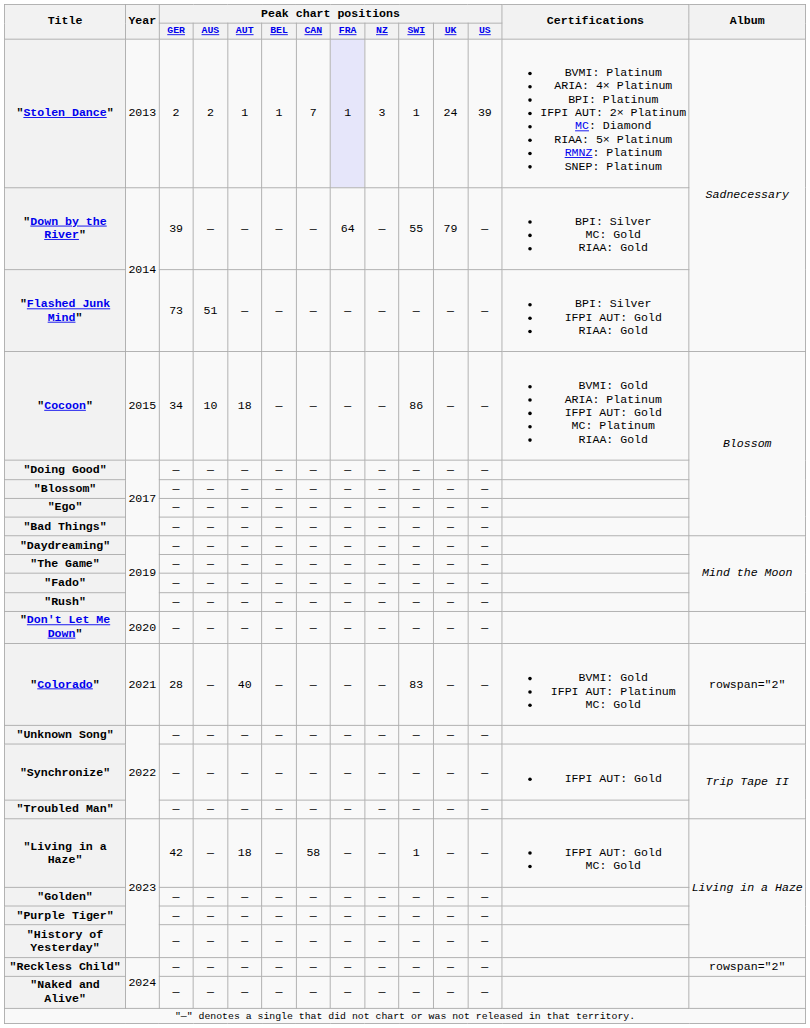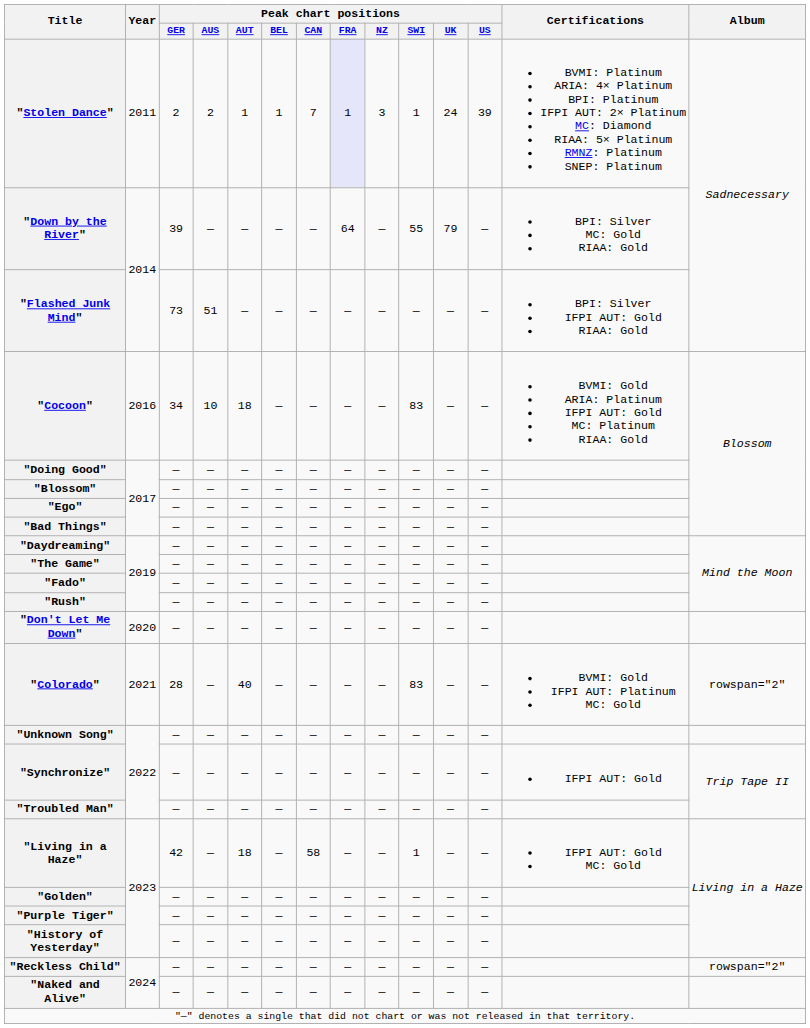 <table class="wikitable plainrowheaders" style="text-align:center;">
 <tr>
 <th scope="col" rowspan="2" style="width:10em;">Title</th>
 <th scope="col" rowspan="2" style="width:1em;">Year</th>
 <th scope="col" colspan="10">Peak chart positions</th>
 <th scope="col" rowspan="2">Certifications</th>
 <th scope="col" rowspan="2">Album</th>
 </tr>
 <tr>
 <th scope="col" style="width:3em;font-size:85%;"><a href='#'>GER</a><br></th>
 <th scope="col" style="width:3em;font-size:85%;"><a href='#'>AUS</a><br></th>
 <th scope="col" style="width:3em;font-size:85%;"><a href='#'>AUT</a><br></th>
 <th scope="col" style="width:3em;font-size:85%;"><a href='#'>BEL</a><br></th>
 <th scope="col" style="width:3em;font-size:85%;"><a href='#'>CAN</a><br></th>
 <th scope="col" style="width:3em;font-size:85%;"><a href='#'>FRA</a><br></th>
 <th scope="col" style="width:3em;font-size:85%;"><a href='#'>NZ</a><br></th>
 <th scope="col" style="width:3em;font-size:85%;"><a href='#'>SWI</a><br></th>
 <th scope="col" style="width:3em;font-size:85%;"><a href='#'>UK</a><br></th>
 <th scope="col" style="width:3em;font-size:85%;"><a href='#'>US</a><br></th>
 </tr>
 <tr>
 <th scope="row">"<a href='#'>Stolen Dance</a>"</th>
-<td>2013</td>
+<td>2011</td>
 <td>2</td>
 <td>2</td>
 <td>1</td>
 <td>1</td>
 <td>7</td>
 <td style="background: lavender;">1</td>
 <td>3</td>
 <td>1</td>
 <td>24</td>
 <td>39</td>
 <td><br><ul><li>BVMI: Platinum</li><li>ARIA: 4× Platinum</li><li>BPI: Platinum</li><li>IFPI AUT: 2× Platinum</li><li><a href='#'>MC</a>: Diamond</li><li>RIAA: 5× Platinum</li><li><a href='#'>RMNZ</a>: Platinum</li><li>SNEP: Platinum</li></ul></td>
 <td rowspan="3"><em>Sadnecessary</em></td>
 </tr>
 <tr>
 <th scope="row">"<a href='#'>Down by the River</a>"</th>
 <td rowspan="2">2014</td>
 <td>39</td>
 <td>—</td>
 <td>—</td>
 <td>—</td>
 <td>—</td>
 <td>64</td>
 <td>—</td>
 <td>55</td>
 <td>79</td>
 <td>—</td>
 <td><br><ul><li>BPI: Silver</li><li>MC: Gold</li><li>RIAA: Gold</li></ul></td>
 </tr>
 <tr>
 <th scope="row">"<a href='#'>Flashed Junk Mind</a>"</th>
 <td>73</td>
 <td>51</td>
 <td>—</td>
 <td>—</td>
 <td>—</td>
 <td>—</td>
 <td>—</td>
 <td>—</td>
 <td>—</td>
 <td>—</td>
 <td><br><ul><li>BPI: Silver</li><li>IFPI AUT: Gold</li><li>RIAA: Gold</li></ul></td>
 </tr>
 <tr>
 <th scope="row">"<a href='#'>Cocoon</a>"</th>
-<td>2015</td>
+<td>2016</td>
 <td>34</td>
 <td>10</td>
 <td>18</td>
 <td>—</td>
 <td>—</td>
 <td>—</td>
 <td>—</td>
-<td>86</td>
+<td>83</td>
 <td>—</td>
 <td>—</td>
 <td><br><ul><li>BVMI: Gold</li><li>ARIA: Platinum</li><li>IFPI AUT: Gold</li><li>MC: Platinum</li><li>RIAA: Gold</li></ul></td>
 <td rowspan="5"><em>Blossom</em></td>
 </tr>
 <tr>
 <th scope="row">"Doing Good"</th>
 <td rowspan="4">2017</td>
 <td>—</td>
 <td>—</td>
 <td>—</td>
 <td>—</td>
 <td>—</td>
 <td>—</td>
 <td>—</td>
 <td>—</td>
 <td>—</td>
 <td>—</td>
 <td></td>
 </tr>
 <tr>
 <th scope="row">"Blossom"</th>
 <td>—</td>
 <td>—</td>
 <td>—</td>
 <td>—</td>
 <td>—</td>
 <td>—</td>
 <td>—</td>
 <td>—</td>
 <td>—</td>
 <td>—</td>
 <td></td>
 </tr>
 <tr>
 <th scope="row">"Ego"</th>
 <td>—</td>
 <td>—</td>
 <td>—</td>
 <td>—</td>
 <td>—</td>
 <td>—</td>
 <td>—</td>
 <td>—</td>
 <td>—</td>
 <td>—</td>
 <td></td>
 </tr>
 <tr>
 <th scope="row">"Bad Things"</th>
 <td>—</td>
 <td>—</td>
 <td>—</td>
 <td>—</td>
 <td>—</td>
 <td>—</td>
 <td>—</td>
 <td>—</td>
 <td>—</td>
 <td>—</td>
 <td></td>
 </tr>
 <tr>
 <th scope="row">"Daydreaming"<br></th>
 <td rowspan="4">2019</td>
 <td>—</td>
 <td>—</td>
 <td>—</td>
 <td>—</td>
 <td>—</td>
 <td>—</td>
 <td>—</td>
 <td>—</td>
 <td>—</td>
 <td>—</td>
 <td></td>
 <td rowspan="4"><em>Mind the Moon</em></td>
 </tr>
 <tr>
 <th scope="row">"The Game"</th>
 <td>—</td>
 <td>—</td>
 <td>—</td>
 <td>—</td>
 <td>—</td>
 <td>—</td>
 <td>—</td>
 <td>—</td>
 <td>—</td>
 <td>—</td>
 <td></td>
 </tr>
 <tr>
 <th scope="row">"Fado"</th>
 <td>—</td>
 <td>—</td>
 <td>—</td>
 <td>—</td>
 <td>—</td>
 <td>—</td>
 <td>—</td>
 <td>—</td>
 <td>—</td>
 <td>—</td>
 </tr>
 <tr>
 <th scope="row">"Rush"<br></th>
 <td>—</td>
 <td>—</td>
 <td>—</td>
 <td>—</td>
 <td>—</td>
 <td>—</td>
 <td>—</td>
 <td>—</td>
 <td>—</td>
 <td>—</td>
 <td></td>
 </tr>
 <tr>
 <th scope="row">"<a href='#'>Don't Let Me Down</a>"<br></th>
 <td>2020</td>
 <td>—</td>
 <td>—</td>
 <td>—</td>
 <td>—</td>
 <td>—</td>
 <td>—</td>
 <td>—</td>
 <td>—</td>
 <td>—</td>
 <td>—</td>
 <td></td>
 <td></td>
 </tr>
 <tr>
 <th scope="row">"<a href='#'>Colorado</a>"</th>
 <td>2021</td>
 <td>28</td>
 <td>—</td>
 <td>40</td>
 <td>—</td>
 <td>—</td>
 <td>—</td>
 <td>—</td>
 <td>83</td>
 <td>—</td>
 <td>—</td>
 <td><br><ul><li>BVMI: Gold</li><li>IFPI AUT: Platinum</li><li>MC: Gold</li></ul></td>
 <td>rowspan="2" </td>
 </tr>
 <tr>
 <th scope="row">"Unknown Song"<br></th>
 <td rowspan="3">2022</td>
 <td>—</td>
 <td>—</td>
 <td>—</td>
 <td>—</td>
 <td>—</td>
 <td>—</td>
 <td>—</td>
 <td>—</td>
 <td>—</td>
 <td>—</td>
 <td></td>
 <td></td>
 </tr>
 <tr>
 <th scope="row">"Synchronize"</th>
 <td>—</td>
 <td>—</td>
 <td>—</td>
 <td>—</td>
 <td>—</td>
 <td>—</td>
 <td>—</td>
 <td>—</td>
 <td>—</td>
 <td>—</td>
 <td><br><ul><li>IFPI AUT: Gold</li></ul></td>
 <td rowspan="2"><em>Trip Tape II</em></td>
 </tr>
 <tr>
 <th scope="row">"Troubled Man"</th>
 <td>—</td>
 <td>—</td>
 <td>—</td>
 <td>—</td>
 <td>—</td>
 <td>—</td>
 <td>—</td>
 <td>—</td>
 <td>—</td>
 <td>—</td>
 <td></td>
 </tr>
 <tr>
 <th scope="row">"Living in a Haze"</th>
 <td rowspan="4">2023</td>
 <td>42</td>
 <td>—</td>
 <td>18</td>
 <td>—</td>
 <td>58</td>
 <td>—</td>
 <td>—</td>
 <td>1</td>
 <td>—</td>
 <td>—</td>
 <td><br><ul><li>IFPI AUT: Gold</li><li>MC: Gold</li></ul></td>
 <td rowspan="4"><em>Living in a Haze</em></td>
 </tr>
 <tr>
 <th scope="row">"Golden"</th>
 <td>—</td>
 <td>—</td>
 <td>—</td>
 <td>—</td>
 <td>—</td>
 <td>—</td>
 <td>—</td>
 <td>—</td>
 <td>—</td>
 <td>—</td>
 <td></td>
 </tr>
 <tr>
 <th scope="row">"Purple Tiger"</th>
 <td>—</td>
 <td>—</td>
 <td>—</td>
 <td>—</td>
 <td>—</td>
 <td>—</td>
 <td>—</td>
 <td>—</td>
 <td>—</td>
 <td>—</td>
 <td></td>
 </tr>
 <tr>
 <th scope="row">"History of Yesterday"<br></th>
 <td>—</td>
 <td>—</td>
 <td>—</td>
 <td>—</td>
 <td>—</td>
 <td>—</td>
 <td>—</td>
 <td>—</td>
 <td>—</td>
 <td>—</td>
 <td></td>
 </tr>
 <tr>
 <th scope="row">"Reckless Child"</th>
 <td rowspan="2">2024</td>
 <td>—</td>
 <td>—</td>
 <td>—</td>
 <td>—</td>
 <td>—</td>
 <td>—</td>
 <td>—</td>
 <td>—</td>
 <td>—</td>
 <td>—</td>
 <td></td>
 <td>rowspan="2" </td>
 </tr>
 <tr>
 <th scope="row">"Naked and Alive"</th>
 <td>—</td>
 <td>—</td>
 <td>—</td>
 <td>—</td>
 <td>—</td>
 <td>—</td>
 <td>—</td>
 <td>—</td>
 <td>—</td>
 <td>—</td>
 <td></td>
 </tr>
 <tr>
 <td colspan="21" style="font-size:85%">"—" denotes a single that did not chart or was not released in that territory.</td>
 </tr>
 </table>
